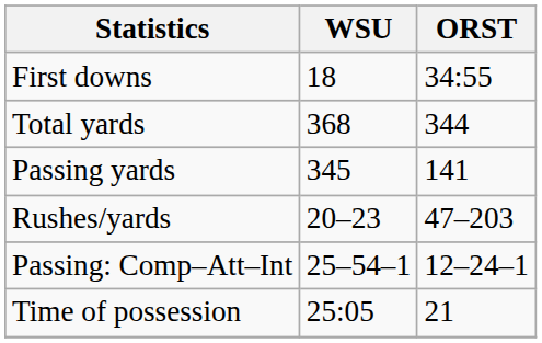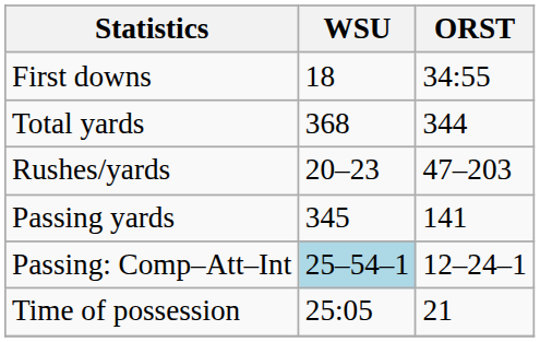 <table class="wikitable" style="float: left;">
 <tr>
 <th>Statistics</th>
 <th>WSU</th>
 <th>ORST</th>
 </tr>
 <tr>
 <td>First downs</td>
 <td>18</td>
 <td>34:55</td>
 </tr>
 <tr>
 <td>Total yards</td>
 <td>368</td>
 <td>344</td>
 </tr>
 <tr>
+<td>Rushes/yards</td>
+<td>20–23</td>
+<td>47–203</td>
+</tr>
+<tr>
 <td>Passing yards</td>
 <td>345</td>
 <td>141</td>
 </tr>
 <tr>
-<td>Rushes/yards</td>
-<td>20–23</td>
-<td>47–203</td>
-</tr>
-<tr>
 <td>Passing: Comp–Att–Int</td>
-<td>25–54–1</td>
+<td style="background: lightblue;">25–54–1</td>
 <td>12–24–1</td>
 </tr>
 <tr>
 <td>Time of possession</td>
 <td>25:05</td>
 <td>21</td>
 </tr>
 <tr>
 </tr>
 </table>
